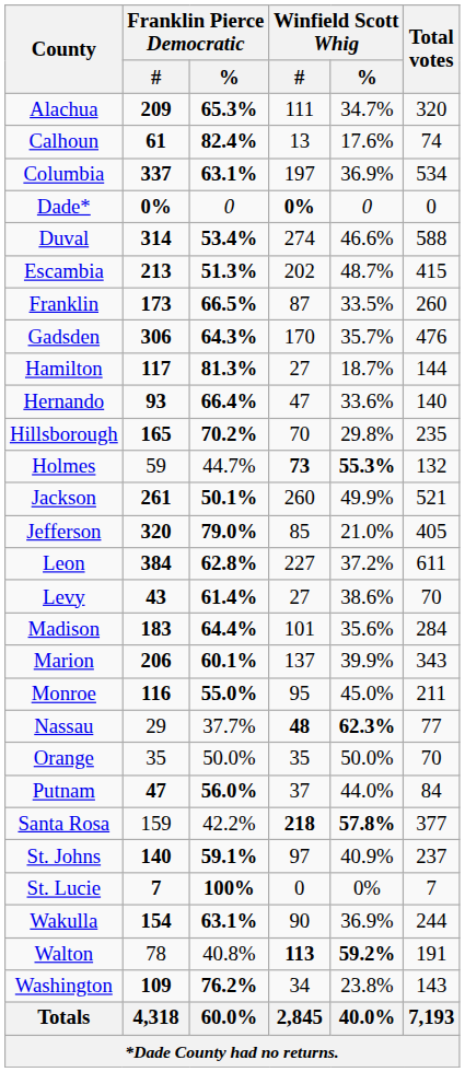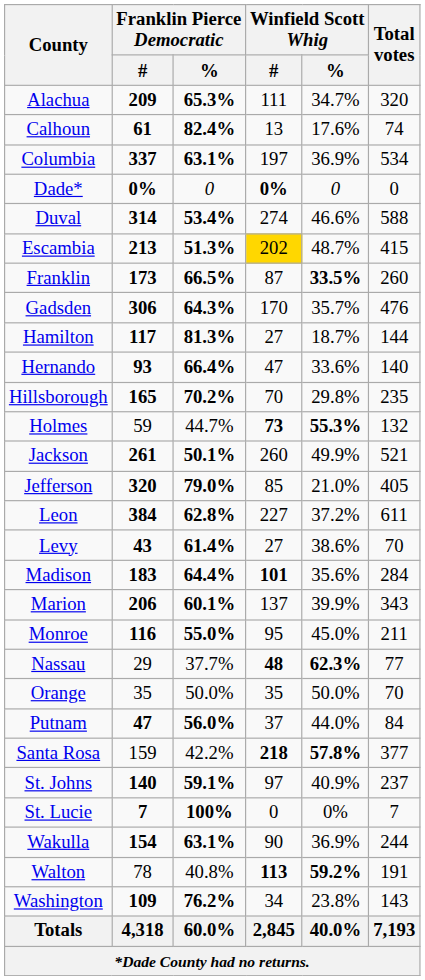 <table class="wikitable sortable">
 <tr>
 <th rowspan="2" colspan="1" style="text-align:center">County</th>
 <th colspan="2" >Franklin Pierce<br><em>Democratic</em></th>
 <th colspan="2" style="text-align: center;" >Winfield Scott<br><em>Whig</em></th>
 <th rowspan="2" colspan="1" style="text-align: center;">Total<br>votes</th>
 </tr>
 <tr>
 <th colspan="1" style="text-align: center;" >#</th>
 <th colspan="1" style="text-align: center;" >%</th>
 <th colspan="1" style="text-align: center;" >#</th>
 <th colspan="1" style="text-align: center;" >%</th>
 </tr>
 <tr>
 <td align="center" ><a href='#'>Alachua</a></td>
 <td align="center"><strong>209</strong></td>
 <td align="center"><strong>65.3%</strong></td>
 <td align="center">111</td>
 <td align="center">34.7%</td>
 <td align="center">320</td>
 </tr>
 <tr>
 <td align="center" ><a href='#'>Calhoun</a></td>
 <td align="center"><strong>61</strong></td>
 <td align="center"><strong>82.4%</strong></td>
 <td align="center">13</td>
 <td align="center">17.6%</td>
 <td align="center">74</td>
 </tr>
 <tr>
 <td align="center" ><a href='#'>Columbia</a></td>
 <td align="center"><strong>337</strong></td>
 <td align="center"><strong>63.1%</strong></td>
 <td align="center">197</td>
 <td align="center">36.9%</td>
 <td align="center">534</td>
 </tr>
 <tr>
 <td align="center" ><a href='#'>Dade*</a></td>
 <td align="center"><strong>0%</strong></td>
 <td align="center"><em>0</em></td>
 <td align="center"><strong>0%</strong></td>
 <td align="center"><em>0</em></td>
 <td align="center">0</td>
 </tr>
 <tr>
 <td align="center" ><a href='#'>Duval</a></td>
 <td align="center"><strong>314</strong></td>
 <td align="center"><strong>53.4%</strong></td>
 <td align="center">274</td>
 <td align="center">46.6%</td>
 <td align="center">588</td>
 </tr>
 <tr>
 <td align="center" ><a href='#'>Escambia</a></td>
 <td align="center"><strong>213</strong></td>
 <td align="center"><strong>51.3%</strong></td>
-<td align="center">202</td>
+<td align="center" style="background: gold;">202</td>
 <td align="center">48.7%</td>
 <td align="center">415</td>
 </tr>
 <tr>
 <td align="center" ><a href='#'>Franklin</a></td>
 <td align="center"><strong>173</strong></td>
 <td align="center"><strong>66.5%</strong></td>
 <td align="center">87</td>
-<td align="center">33.5%</td>
+<td align="center"><strong>33.5%</strong></td>
 <td align="center">260</td>
 </tr>
 <tr>
 <td align="center" ><a href='#'>Gadsden</a></td>
 <td align="center"><strong>306</strong></td>
 <td align="center"><strong>64.3%</strong></td>
 <td align="center">170</td>
 <td align="center">35.7%</td>
 <td align="center">476</td>
 </tr>
 <tr>
 <td align="center" ><a href='#'>Hamilton</a></td>
 <td align="center"><strong>117</strong></td>
 <td align="center"><strong>81.3%</strong></td>
 <td align="center">27</td>
 <td align="center">18.7%</td>
 <td align="center">144</td>
 </tr>
 <tr>
 <td align="center" ><a href='#'>Hernando</a></td>
 <td align="center"><strong>93</strong></td>
 <td align="center"><strong>66.4%</strong></td>
 <td align="center">47</td>
 <td align="center">33.6%</td>
 <td align="center">140</td>
 </tr>
 <tr>
 <td align="center" ><a href='#'>Hillsborough</a></td>
 <td align="center"><strong>165</strong></td>
 <td align="center"><strong>70.2%</strong></td>
 <td align="center">70</td>
 <td align="center">29.8%</td>
 <td align="center">235</td>
 </tr>
 <tr>
 <td align="center" ><a href='#'>Holmes</a></td>
 <td align="center">59</td>
 <td align="center">44.7%</td>
 <td align="center"><strong>73</strong></td>
 <td align="center"><strong>55.3%</strong></td>
 <td align="center">132</td>
 </tr>
 <tr>
 <td align="center" ><a href='#'>Jackson</a></td>
 <td align="center"><strong>261</strong></td>
 <td align="center"><strong>50.1%</strong></td>
 <td align="center">260</td>
 <td align="center">49.9%</td>
 <td align="center">521</td>
 </tr>
 <tr>
 <td align="center" ><a href='#'>Jefferson</a></td>
 <td align="center"><strong>320</strong></td>
 <td align="center"><strong>79.0%</strong></td>
 <td align="center">85</td>
 <td align="center">21.0%</td>
 <td align="center">405</td>
 </tr>
 <tr>
 <td align="center" ><a href='#'>Leon</a></td>
 <td align="center"><strong>384</strong></td>
 <td align="center"><strong>62.8%</strong></td>
 <td align="center">227</td>
 <td align="center">37.2%</td>
 <td align="center">611</td>
 </tr>
 <tr>
 <td align="center" ><a href='#'>Levy</a></td>
 <td align="center"><strong>43</strong></td>
 <td align="center"><strong>61.4%</strong></td>
 <td align="center">27</td>
 <td align="center">38.6%</td>
 <td align="center">70</td>
 </tr>
 <tr>
 <td align="center" ><a href='#'>Madison</a></td>
 <td align="center"><strong>183</strong></td>
 <td align="center"><strong>64.4%</strong></td>
-<td align="center">101</td>
+<td align="center"><strong>101</strong></td>
 <td align="center">35.6%</td>
 <td align="center">284</td>
 </tr>
 <tr>
 <td align="center" ><a href='#'>Marion</a></td>
 <td align="center"><strong>206</strong></td>
 <td align="center"><strong>60.1%</strong></td>
 <td align="center">137</td>
 <td align="center">39.9%</td>
 <td align="center">343</td>
 </tr>
 <tr>
 <td align="center" ><a href='#'>Monroe</a></td>
 <td align="center"><strong>116</strong></td>
 <td align="center"><strong>55.0%</strong></td>
 <td align="center">95</td>
 <td align="center">45.0%</td>
 <td align="center">211</td>
 </tr>
 <tr>
 <td align="center" ><a href='#'>Nassau</a></td>
 <td align="center">29</td>
 <td align="center">37.7%</td>
 <td align="center"><strong>48</strong></td>
 <td align="center"><strong>62.3%</strong></td>
 <td align="center">77</td>
 </tr>
 <tr>
 <td align="center" ><a href='#'>Orange</a></td>
 <td align="center">35</td>
 <td align="center">50.0%</td>
 <td align="center">35</td>
 <td align="center">50.0%</td>
 <td align="center">70</td>
 </tr>
 <tr>
 <td align="center" ><a href='#'>Putnam</a></td>
 <td align="center"><strong>47</strong></td>
 <td align="center"><strong>56.0%</strong></td>
 <td align="center">37</td>
 <td align="center">44.0%</td>
 <td align="center">84</td>
 </tr>
 <tr>
 <td align="center" ><a href='#'>Santa Rosa</a></td>
 <td align="center">159</td>
 <td align="center">42.2%</td>
 <td align="center"><strong>218</strong></td>
 <td align="center"><strong>57.8%</strong></td>
 <td align="center">377</td>
 </tr>
 <tr>
 <td align="center" ><a href='#'>St. Johns</a></td>
 <td align="center"><strong>140</strong></td>
 <td align="center"><strong>59.1%</strong></td>
 <td align="center">97</td>
 <td align="center">40.9%</td>
 <td align="center">237</td>
 </tr>
 <tr>
 <td align="center" ><a href='#'>St. Lucie</a></td>
 <td align="center"><strong>7</strong></td>
 <td align="center"><strong>100%</strong></td>
 <td align="center">0</td>
 <td align="center">0%</td>
 <td align="center">7</td>
 </tr>
 <tr>
 <td align="center" ><a href='#'>Wakulla</a></td>
 <td align="center"><strong>154</strong></td>
 <td align="center"><strong>63.1%</strong></td>
 <td align="center">90</td>
 <td align="center">36.9%</td>
 <td align="center">244</td>
 </tr>
 <tr>
 <td align="center" ><a href='#'>Walton</a></td>
 <td align="center">78</td>
 <td align="center">40.8%</td>
 <td align="center"><strong>113</strong></td>
 <td align="center"><strong>59.2%</strong></td>
 <td align="center">191</td>
 </tr>
 <tr>
 <td align="center" ><a href='#'>Washington</a></td>
 <td align="center"><strong>109</strong></td>
 <td align="center"><strong>76.2%</strong></td>
 <td align="center">34</td>
 <td align="center">23.8%</td>
 <td align="center">143</td>
 </tr>
 <tr>
 <th>Totals</th>
 <th>4,318</th>
 <th>60.0%</th>
 <th>2,845</th>
 <th>40.0%</th>
 <th>7,193</th>
 </tr>
 <tr>
 <th colspan="6"><strong><em><small>*Dade County had no returns.</small></em></strong></th>
 </tr>
 </table>
